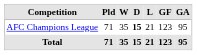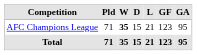 <table align=left cellspacing="0" cellpadding="3" style="border:1px solid #AAAAAA;font-size:90%">
 <tr bgcolor="#E4E4E4">
 <th style="border-bottom:1px solid #AAAAAA">Competition</th>
 <th style="border-bottom:1px solid #AAAAAA" align="center">Pld</th>
 <th style="border-bottom:1px solid #AAAAAA" align="center">W</th>
 <th style="border-bottom:1px solid #AAAAAA" align="center">D</th>
 <th style="border-bottom:1px solid #AAAAAA" align="center">L</th>
 <th style="border-bottom:1px solid #AAAAAA" align="center">GF</th>
 <th style="border-bottom:1px solid #AAAAAA" align="center">GA</th>
 </tr>
 <tr>
 <td><a href='#'>AFC Champions League</a></td>
 <td align="center">71</td>
-<td align="center">35</td>
-<td align="center"><strong>15</strong></td>
+<td align="center"><strong>35</strong></td>
+<td align="center">15</td>
 <td align="center">21</td>
 <td align="center">123</td>
 <td align="center">95</td>
 </tr>
 <tr>
 </tr>
 <tr style="background:#E4E4E4;">
 <th ! colspan="1"  align="centre">Total</th>
 <th>71</th>
 <th>35</th>
 <th>15</th>
 <th>21</th>
 <th>123</th>
 <th>95</th>
 </tr>
 <tr>
 </tr>
 </table>
